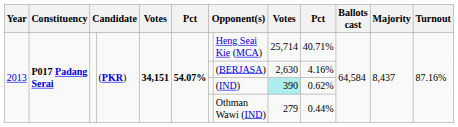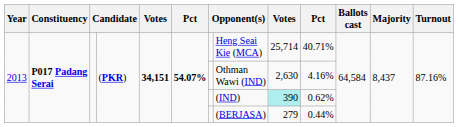 <table class="wikitable" style="margin:0.5em ; font-size:95%">
 <tr>
 <th>Year</th>
 <th>Constituency</th>
 <th colspan=2>Candidate</th>
 <th>Votes</th>
 <th>Pct</th>
 <th colspan=2>Opponent(s)</th>
 <th>Votes</th>
 <th>Pct</th>
 <th>Ballots cast</th>
 <th>Majority</th>
 <th>Turnout</th>
 </tr>
 <tr>
 <td rowspan=4><a href='#'>2013</a></td>
 <td rowspan=4><strong>P017 <a href='#'>Padang Serai</a></strong></td>
 <td rowspan=4 ></td>
 <td rowspan=4> (<a href='#'><strong>PKR</strong></a>)</td>
 <td rowspan=4 align="right"><strong>34,151</strong></td>
 <td rowspan=4><strong>54.07%</strong></td>
 <td></td>
 <td><a href='#'>Heng Seai Kie</a> (<a href='#'>MCA</a>)</td>
 <td align="right">25,714</td>
 <td>40.71%</td>
 <td rowspan=4>64,584</td>
 <td rowspan=4>8,437</td>
 <td rowspan=4>87.16%</td>
 </tr>
 <tr>
 <td bgcolor=></td>
-<td> (<a href='#'>BERJASA</a>)</td>
+<td>Othman Wawi (<a href='#'>IND</a>)</td>
 <td align="right">2,630</td>
 <td align=right>4.16%</td>
 </tr>
 <tr>
 <td></td>
 <td> (<a href='#'>IND</a>)</td>
 <td align="right" style="background: paleturquoise;">390</td>
 <td align=right>0.62%</td>
 </tr>
 <tr>
 <td></td>
-<td>Othman Wawi (<a href='#'>IND</a>)</td>
+<td> (<a href='#'>BERJASA</a>)</td>
 <td align="right">279</td>
 <td align=right>0.44%</td>
 </tr>
 </table>
